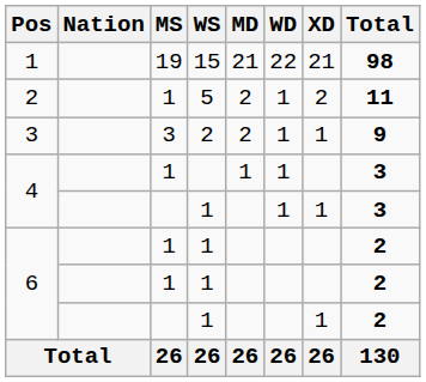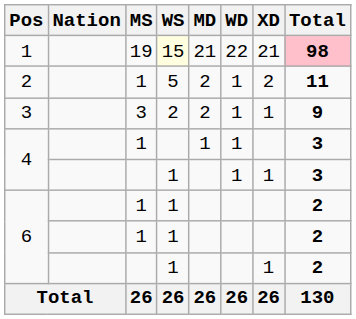 <table class="wikitable" style="text-align:center">
 <tr>
 <th>Pos</th>
 <th>Nation</th>
 <th>MS</th>
 <th>WS</th>
 <th>MD</th>
 <th>WD</th>
 <th>XD</th>
 <th>Total</th>
 </tr>
 <tr>
 <td>1</td>
 <td align="left"><strong></strong></td>
 <td>19</td>
-<td>15</td>
+<td style="background: lightyellow;">15</td>
 <td>21</td>
 <td>22</td>
 <td>21</td>
-<td><strong>98</strong></td>
+<td style="background: pink;"><strong>98</strong></td>
 </tr>
 <tr>
 <td>2</td>
 <td align="left"></td>
 <td>1</td>
 <td>5</td>
 <td>2</td>
 <td>1</td>
 <td>2</td>
 <td><strong>11</strong></td>
 </tr>
 <tr>
 <td>3</td>
 <td align="left"></td>
 <td>3</td>
 <td>2</td>
 <td>2</td>
 <td>1</td>
 <td>1</td>
 <td><strong>9</strong></td>
 </tr>
 <tr>
 <td rowspan="2">4</td>
 <td align="left"></td>
 <td>1</td>
 <td></td>
 <td>1</td>
 <td>1</td>
 <td></td>
 <td><strong>3</strong></td>
 </tr>
 <tr>
 <td align="left"></td>
 <td></td>
 <td>1</td>
 <td></td>
 <td>1</td>
 <td>1</td>
 <td><strong>3</strong></td>
 </tr>
 <tr>
 <td rowspan="3">6</td>
 <td align="left"></td>
 <td>1</td>
 <td>1</td>
 <td></td>
 <td></td>
 <td></td>
 <td><strong>2</strong></td>
 </tr>
 <tr>
 <td align="left"></td>
 <td>1</td>
 <td>1</td>
 <td></td>
 <td></td>
 <td></td>
 <td><strong>2</strong></td>
 </tr>
 <tr>
 <td align="left"></td>
 <td></td>
 <td>1</td>
 <td></td>
 <td></td>
 <td>1</td>
 <td><strong>2</strong></td>
 </tr>
 <tr>
 <th colspan="2">Total</th>
 <th>26</th>
 <th>26</th>
 <th>26</th>
 <th>26</th>
 <th>26</th>
 <th>130</th>
 </tr>
 </table>
